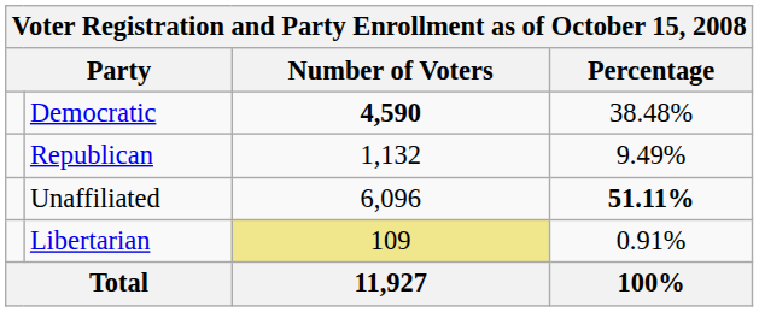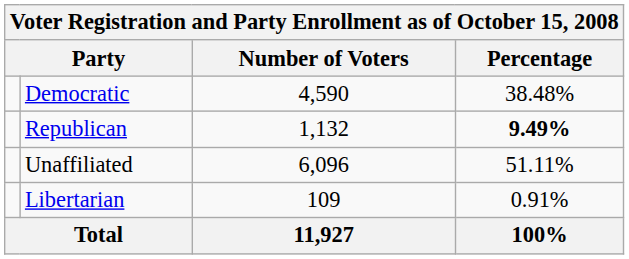 <table class=wikitable>
 <tr>
 <th colspan = 6>Voter Registration and Party Enrollment as of October 15, 2008</th>
 </tr>
 <tr>
 <th colspan = 2>Party</th>
 <th>Number of Voters</th>
 <th>Percentage</th>
 </tr>
 <tr>
 <td></td>
 <td><a href='#'>Democratic</a></td>
-<td align = center><strong>4,590</strong></td>
+<td align = center>4,590</td>
 <td align = center>38.48%</td>
 </tr>
 <tr>
 <td></td>
 <td><a href='#'>Republican</a></td>
 <td align = center>1,132</td>
-<td align = center>9.49%</td>
+<td align = center><strong>9.49%</strong></td>
 </tr>
 <tr>
 <td></td>
 <td>Unaffiliated</td>
 <td align = center>6,096</td>
-<td align = center><strong>51.11%</strong></td>
+<td align = center>51.11%</td>
 </tr>
 <tr>
 <td></td>
 <td><a href='#'>Libertarian</a></td>
-<td align = center style="background: khaki;">109</td>
+<td align = center>109</td>
 <td align = center>0.91%</td>
 </tr>
 <tr>
 <th colspan = 2>Total</th>
 <th align = center>11,927</th>
 <th align = center>100%</th>
 </tr>
 </table>
